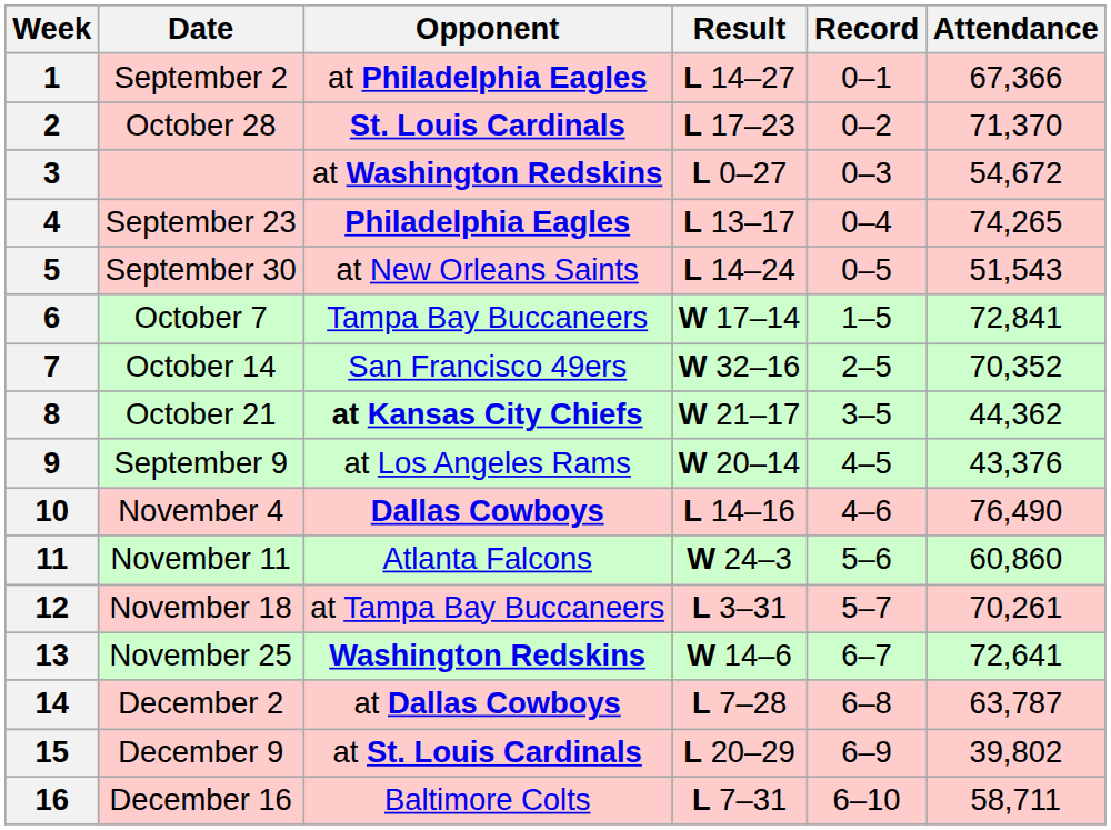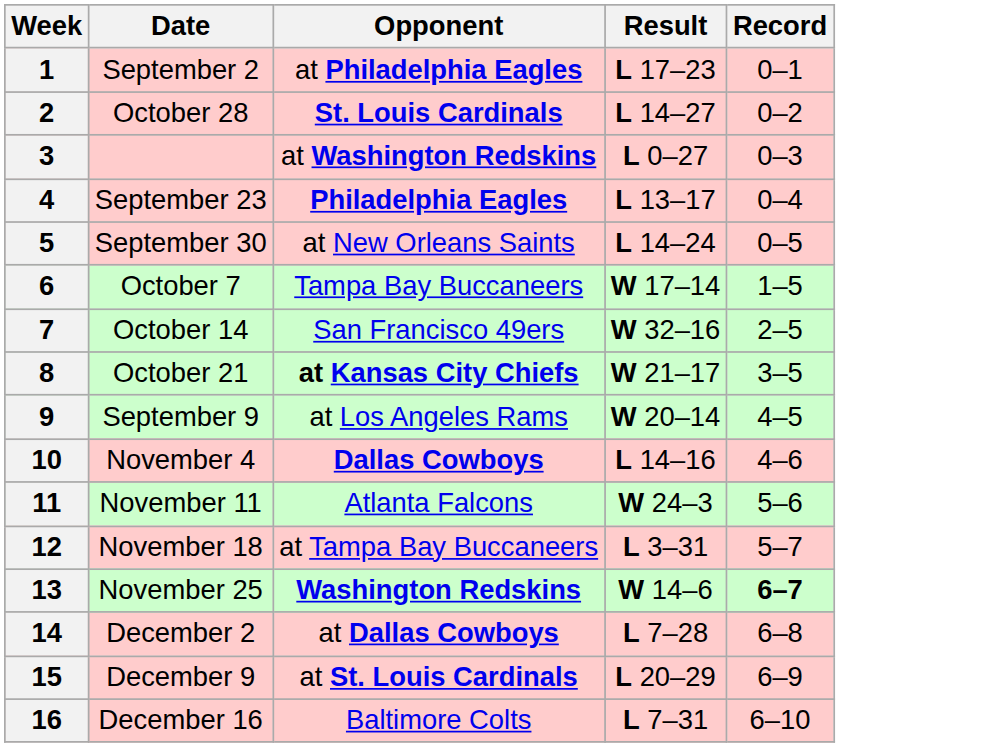 <table class="wikitable" style="text-align:center">
 <tr>
 <th>Week</th>
 <th>Date</th>
 <th>Opponent</th>
 <th>Result</th>
 <th>Record</th>
-<th>Attendance</th>
 </tr>
 <tr style="background:#fcc">
 <th>1</th>
 <td>September 2</td>
 <td>at <strong><a href='#'>Philadelphia Eagles</a></strong></td>
-<td><strong>L</strong> 14–27</td>
+<td><strong>L</strong> 17–23</td>
 <td>0–1</td>
-<td>67,366</td>
 </tr>
 <tr style="background:#fcc">
 <th>2</th>
 <td>October 28</td>
 <td><strong><a href='#'>St. Louis Cardinals</a></strong></td>
-<td><strong>L</strong> 17–23</td>
+<td><strong>L</strong> 14–27</td>
 <td>0–2</td>
-<td>71,370</td>
 </tr>
 <tr style="background:#fcc">
 <th>3</th>
 <td></td>
 <td>at <strong><a href='#'>Washington Redskins</a></strong></td>
 <td><strong>L</strong> 0–27</td>
 <td>0–3</td>
-<td>54,672</td>
 </tr>
 <tr style="background:#fcc">
 <th>4</th>
 <td>September 23</td>
 <td><strong><a href='#'>Philadelphia Eagles</a></strong></td>
 <td><strong>L</strong> 13–17</td>
 <td>0–4</td>
-<td>74,265</td>
 </tr>
 <tr style="background:#fcc">
 <th>5</th>
 <td>September 30</td>
 <td>at <a href='#'>New Orleans Saints</a></td>
 <td><strong>L</strong> 14–24</td>
 <td>0–5</td>
-<td>51,543</td>
 </tr>
 <tr style="background:#cfc">
 <th>6</th>
 <td>October 7</td>
 <td><a href='#'>Tampa Bay Buccaneers</a></td>
 <td><strong>W</strong> 17–14</td>
 <td>1–5</td>
-<td>72,841</td>
 </tr>
 <tr style="background:#cfc">
 <th>7</th>
 <td>October 14</td>
 <td><a href='#'>San Francisco 49ers</a></td>
 <td><strong>W</strong> 32–16</td>
 <td>2–5</td>
-<td>70,352</td>
 </tr>
 <tr style="background:#cfc">
 <th>8</th>
 <td>October 21</td>
 <td><strong>at <a href='#'>Kansas City Chiefs</a></strong></td>
 <td><strong>W</strong> 21–17</td>
 <td>3–5</td>
-<td>44,362</td>
 </tr>
 <tr style="background:#cfc">
 <th>9</th>
 <td>September 9</td>
 <td>at <a href='#'>Los Angeles Rams</a></td>
 <td><strong>W</strong> 20–14</td>
 <td>4–5</td>
-<td>43,376</td>
 </tr>
 <tr style="background:#fcc">
 <th>10</th>
 <td>November 4</td>
 <td><strong><a href='#'>Dallas Cowboys</a></strong></td>
 <td><strong>L</strong> 14–16</td>
 <td>4–6</td>
-<td>76,490</td>
 </tr>
 <tr style="background:#cfc">
 <th>11</th>
 <td>November 11</td>
 <td><a href='#'>Atlanta Falcons</a></td>
 <td><strong>W</strong> 24–3</td>
 <td>5–6</td>
-<td>60,860</td>
 </tr>
 <tr style="background:#fcc">
 <th>12</th>
 <td>November 18</td>
 <td>at <a href='#'>Tampa Bay Buccaneers</a></td>
 <td><strong>L</strong> 3–31</td>
 <td>5–7</td>
-<td>70,261</td>
 </tr>
 <tr style="background:#cfc">
 <th>13</th>
 <td>November 25</td>
 <td><strong><a href='#'>Washington Redskins</a></strong></td>
 <td><strong>W</strong> 14–6</td>
-<td>6–7</td>
-<td>72,641</td>
+<td><strong>6–7</strong></td>
 </tr>
 <tr style="background:#fcc">
 <th>14</th>
 <td>December 2</td>
 <td>at <strong><a href='#'>Dallas Cowboys</a></strong></td>
 <td><strong>L</strong> 7–28</td>
 <td>6–8</td>
-<td>63,787</td>
 </tr>
 <tr style="background:#fcc">
 <th>15</th>
 <td>December 9</td>
 <td>at <strong><a href='#'>St. Louis Cardinals</a></strong></td>
 <td><strong>L</strong> 20–29</td>
 <td>6–9</td>
-<td>39,802</td>
 </tr>
 <tr style="background:#fcc">
 <th>16</th>
 <td>December 16</td>
 <td><a href='#'>Baltimore Colts</a></td>
 <td><strong>L</strong> 7–31</td>
 <td>6–10</td>
-<td>58,711</td>
 </tr>
 </table>
